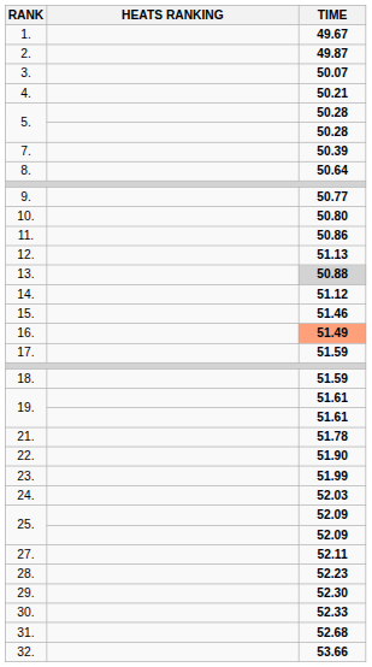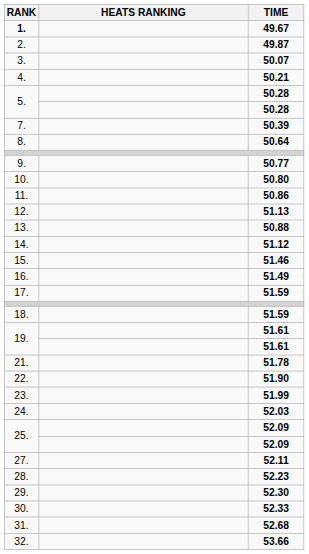 <table class="wikitable">
 <tr>
 <th>RANK</th>
 <th style="width: 20em">HEATS RANKING</th>
 <th style="width: 5em">TIME</th>
 </tr>
 <tr>
-<td align="center">1.</td>
+<td align="center"><strong>1.</strong></td>
 <td></td>
 <td align="center"><strong>49.67</strong></td>
 </tr>
 <tr>
 <td align="center">2.</td>
 <td></td>
 <td align="center"><strong>49.87</strong></td>
 </tr>
 <tr>
 <td align="center">3.</td>
 <td></td>
 <td align="center"><strong>50.07</strong></td>
 </tr>
 <tr>
 <td align="center">4.</td>
 <td></td>
 <td align="center"><strong>50.21</strong></td>
 </tr>
 <tr>
 <td rowspan=2 align="center">5.</td>
 <td></td>
 <td align="center"><strong>50.28</strong></td>
 </tr>
 <tr>
 <td></td>
 <td align="center"><strong>50.28</strong></td>
 </tr>
 <tr>
 <td align="center">7.</td>
 <td></td>
 <td align="center"><strong>50.39</strong></td>
 </tr>
 <tr>
 <td align="center">8.</td>
 <td></td>
 <td align="center"><strong>50.64</strong></td>
 </tr>
 <tr>
 <td colspan=3 bgcolor=lightgray></td>
 </tr>
 <tr>
 <td align="center">9.</td>
 <td> </td>
 <td align="center"><strong>50.77</strong></td>
 </tr>
 <tr>
 <td align="center">10.</td>
 <td></td>
 <td align="center"><strong>50.80</strong></td>
 </tr>
 <tr>
 <td align="center">11.</td>
 <td></td>
 <td align="center"><strong>50.86</strong></td>
 </tr>
 <tr>
 <td align="center">12.</td>
 <td></td>
 <td align="center"><strong>51.13</strong></td>
 </tr>
 <tr>
 <td align="center">13.</td>
 <td></td>
-<td align="center" style="background: lightgrey;"><strong>50.88</strong></td>
+<td align="center"><strong>50.88</strong></td>
 </tr>
 <tr>
 <td align="center">14.</td>
 <td></td>
 <td align="center"><strong>51.12</strong></td>
 </tr>
 <tr>
 <td align="center">15.</td>
 <td></td>
 <td align="center"><strong>51.46</strong></td>
 </tr>
 <tr>
 <td align="center">16.</td>
 <td></td>
-<td align="center" style="background: lightsalmon;"><strong>51.49</strong></td>
+<td align="center"><strong>51.49</strong></td>
 </tr>
 <tr>
 <td align="center">17.</td>
 <td></td>
 <td align="center"><strong>51.59</strong></td>
 </tr>
 <tr>
 <td colspan=3 bgcolor=lightgray></td>
 </tr>
 <tr>
 <td align="center">18.</td>
 <td></td>
 <td align="center"><strong>51.59</strong></td>
 </tr>
 <tr>
 <td rowspan=2 align="center">19.</td>
 <td></td>
 <td align="center"><strong>51.61</strong></td>
 </tr>
 <tr>
 <td></td>
 <td align="center"><strong>51.61</strong></td>
 </tr>
 <tr>
 <td align="center">21.</td>
 <td></td>
 <td align="center"><strong>51.78</strong></td>
 </tr>
 <tr>
 <td align="center">22.</td>
 <td></td>
 <td align="center"><strong>51.90</strong></td>
 </tr>
 <tr>
 <td align="center">23.</td>
 <td></td>
 <td align="center"><strong>51.99</strong></td>
 </tr>
 <tr>
 <td align="center">24.</td>
 <td></td>
 <td align="center"><strong>52.03</strong></td>
 </tr>
 <tr>
 <td rowspan=2 align="center">25.</td>
 <td></td>
 <td align="center"><strong>52.09</strong></td>
 </tr>
 <tr>
 <td></td>
 <td align="center"><strong>52.09</strong></td>
 </tr>
 <tr>
 <td align="center">27.</td>
 <td></td>
 <td align="center"><strong>52.11</strong></td>
 </tr>
 <tr>
 <td align="center">28.</td>
 <td></td>
 <td align="center"><strong>52.23</strong></td>
 </tr>
 <tr>
 <td align="center">29.</td>
 <td></td>
 <td align="center"><strong>52.30</strong></td>
 </tr>
 <tr>
 <td align="center">30.</td>
 <td></td>
 <td align="center"><strong>52.33</strong></td>
 </tr>
 <tr>
 <td align="center">31.</td>
 <td></td>
 <td align="center"><strong>52.68</strong></td>
 </tr>
 <tr>
 <td align="center">32.</td>
 <td></td>
 <td align="center"><strong>53.66</strong></td>
 </tr>
 </table>
